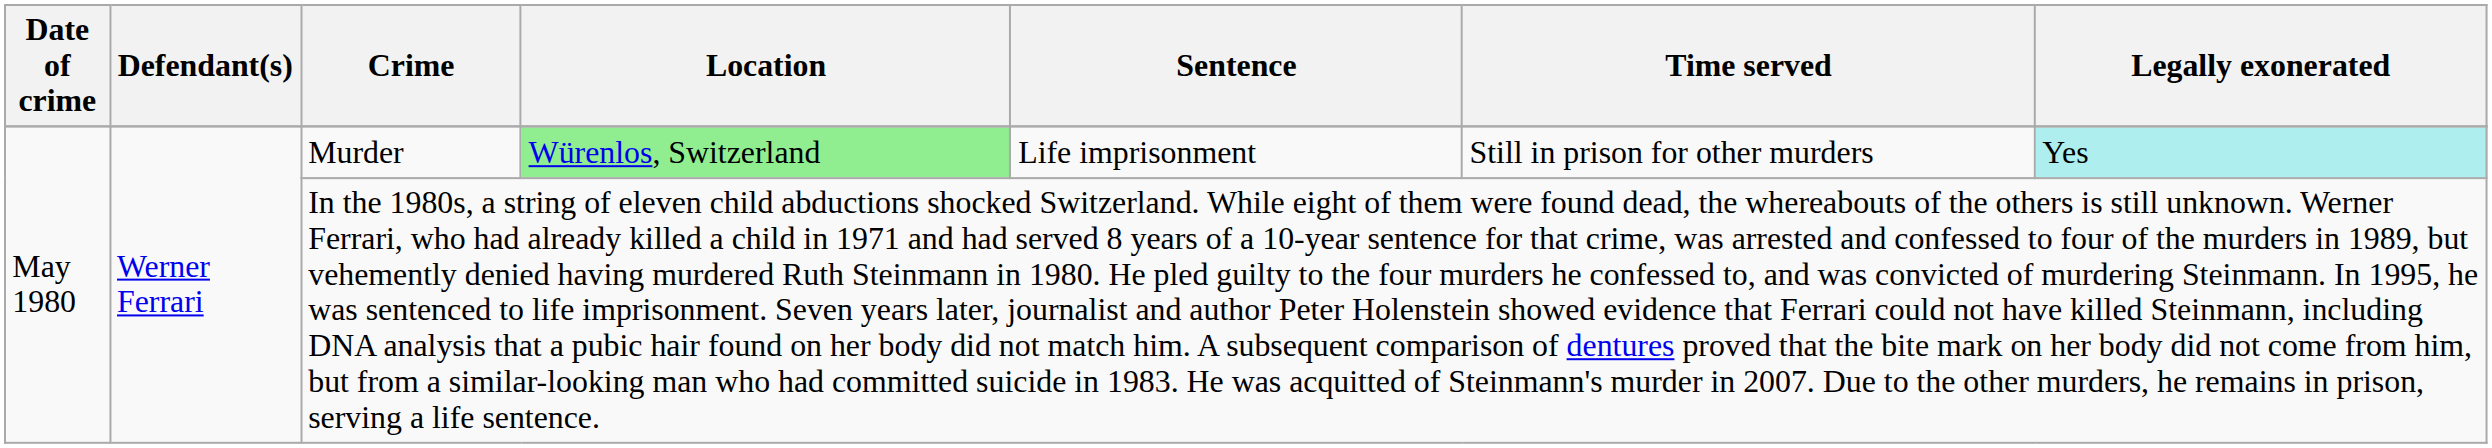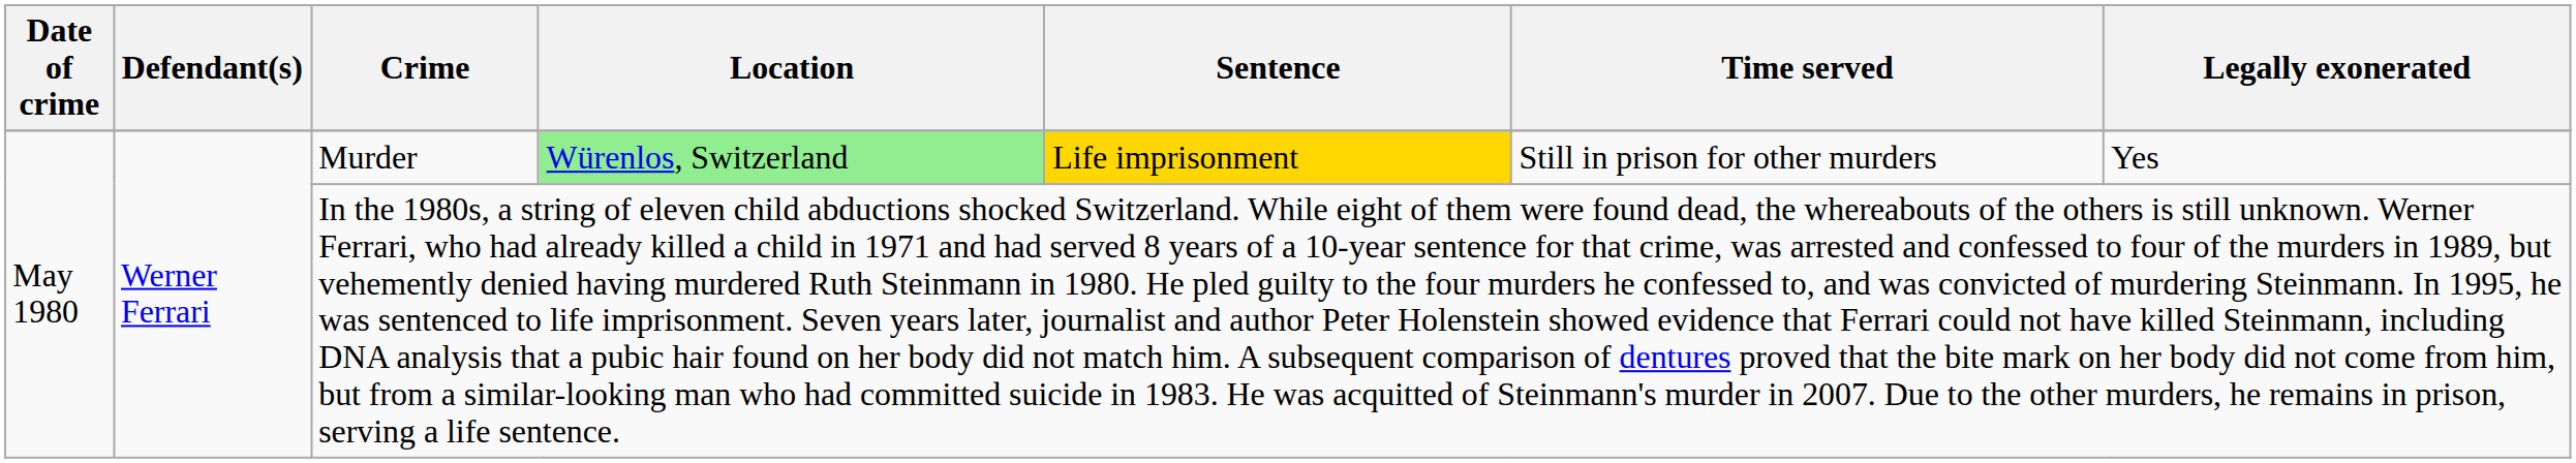 <table class="wikitable sortable">
 <tr>
 <th>Date of crime</th>
 <th>Defendant(s)</th>
 <th>Crime</th>
 <th>Location</th>
 <th>Sentence</th>
 <th>Time served</th>
 <th>Legally exonerated</th>
 </tr>
 <tr>
 </tr>
 <tr ->
 <td rowspan="2">May 1980</td>
 <td rowspan="2"><a href='#'>Werner Ferrari</a></td>
 <td>Murder</td>
 <td style="background: lightgreen;"><a href='#'>Würenlos</a>, Switzerland</td>
-<td>Life imprisonment</td>
+<td style="background: gold;">Life imprisonment</td>
 <td>Still in prison for other murders</td>
-<td style="background: paleturquoise;">Yes</td>
+<td>Yes</td>
 </tr>
 <tr>
 <td colspan=5>In the 1980s, a string of eleven child abductions shocked Switzerland. While eight of them were found dead, the whereabouts of the others is still unknown. Werner Ferrari, who had already killed a child in 1971 and had served 8 years of a 10-year sentence for that crime, was arrested and confessed to four of the murders in 1989, but vehemently denied having murdered Ruth Steinmann in 1980. He pled guilty to the four murders he confessed to, and was convicted of murdering Steinmann. In 1995, he was sentenced to life imprisonment. Seven years later, journalist and author Peter Holenstein showed evidence that Ferrari could not have killed Steinmann, including DNA analysis that a pubic hair found on her body did not match him. A subsequent comparison of <a href='#'>dentures</a> proved that the bite mark on her body did not come from him, but from a similar-looking man who had committed suicide in 1983. He was acquitted of Steinmann's murder in 2007. Due to the other murders, he remains in prison, serving a life sentence.</td>
 </tr>
 </table>
